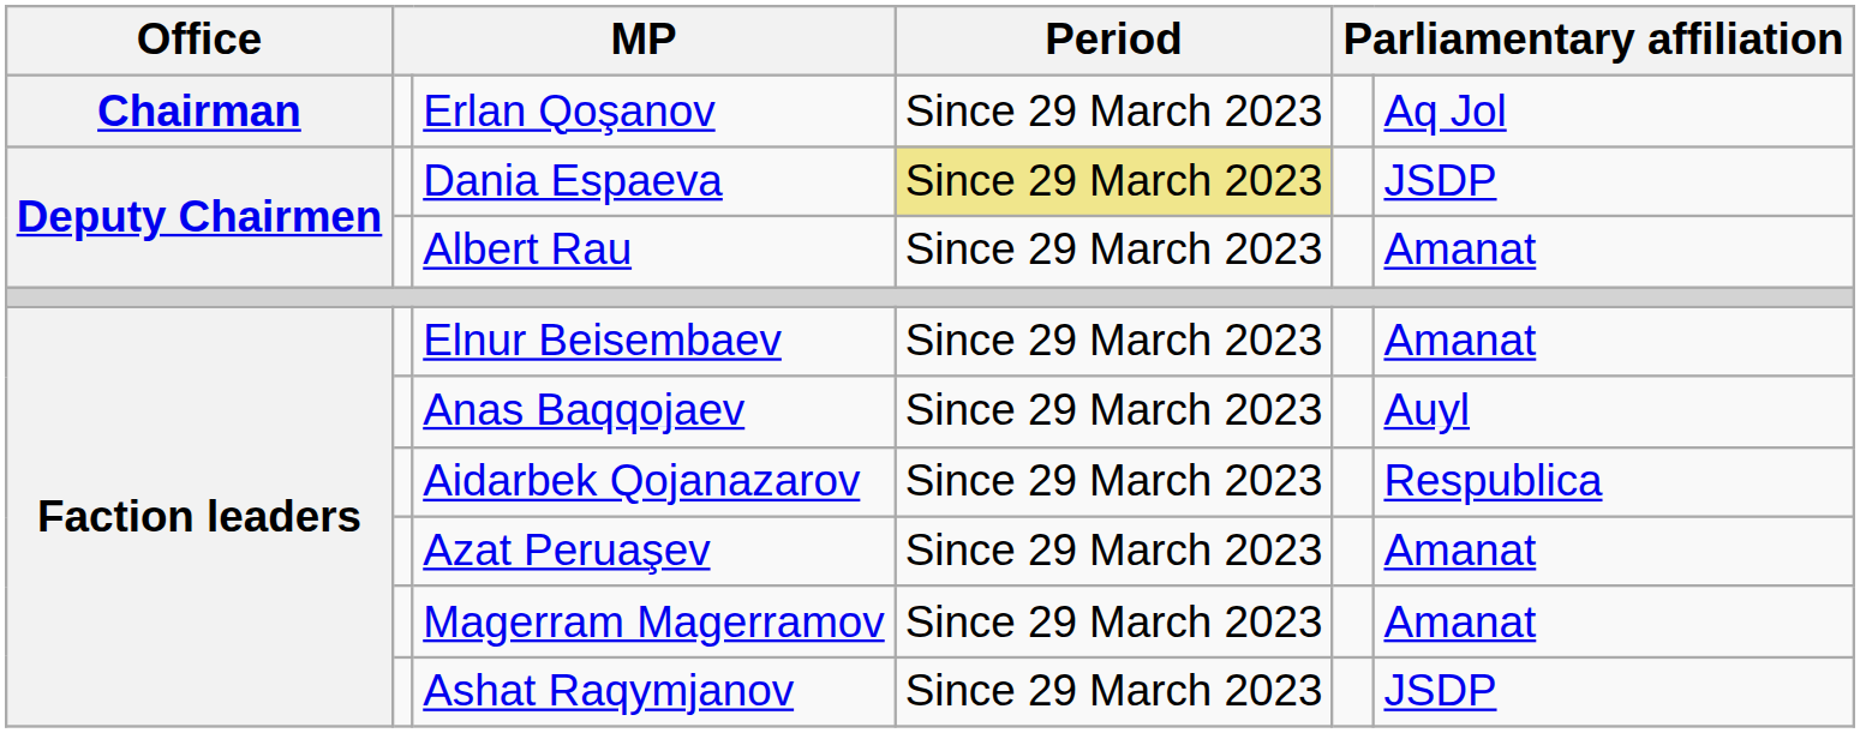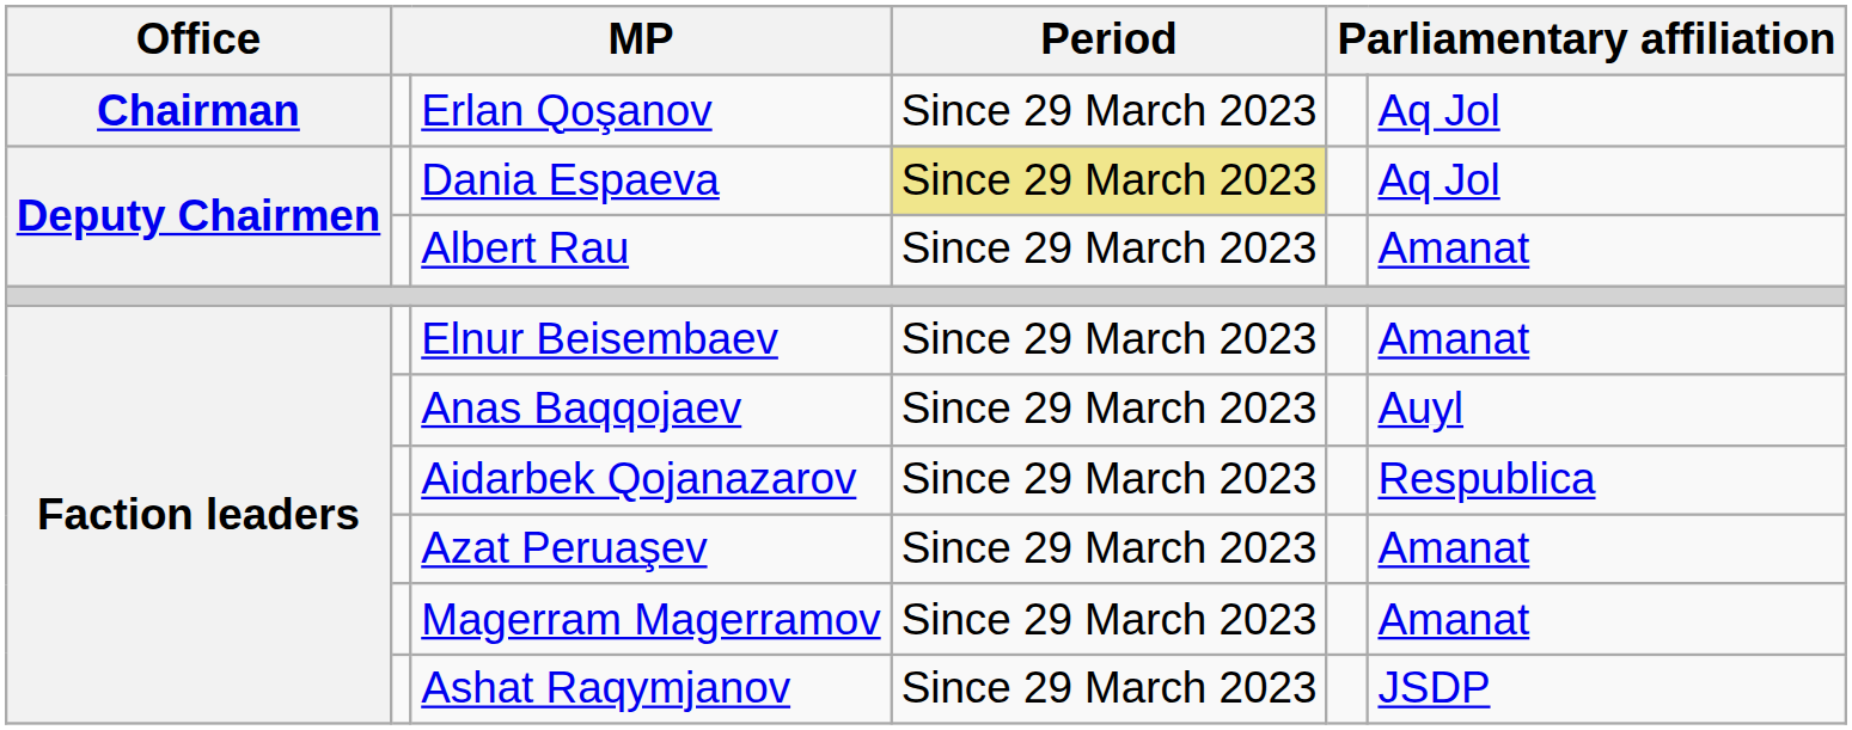 <table class="wikitable">
 <tr>
 <th>Office</th>
 <th colspan="2">MP</th>
 <th>Period</th>
 <th colspan="2">Parliamentary affiliation</th>
 </tr>
 <tr>
 <th><a href='#'>Chairman</a></th>
 <td style="background-color:"></td>
 <td><a href='#'>Erlan Qoşanov</a></td>
 <td>Since 29 March 2023</td>
 <td style="background-color:"></td>
 <td><a href='#'>Aq Jol</a></td>
 </tr>
 <tr>
 <th rowspan="2"><a href='#'>Deputy Chairmen</a></th>
 <td style="background-color:"></td>
 <td><a href='#'>Dania Espaeva</a></td>
 <td style="background: khaki;">Since 29 March 2023</td>
 <td style="background-color:"></td>
-<td><a href='#'>JSDP</a></td>
+<td><a href='#'>Aq Jol</a></td>
 </tr>
 <tr>
 <td style="background-color:"></td>
 <td><a href='#'>Albert Rau</a></td>
 <td>Since 29 March 2023</td>
 <td style="background-color:"></td>
 <td><a href='#'>Amanat</a></td>
 </tr>
 <tr>
 <td colspan="7;" bgcolor="lightgrey"></td>
 </tr>
 <tr>
 <th rowspan="6">Faction leaders</th>
 <td style="background-color:"></td>
 <td><a href='#'>Elnur Beisembaev</a></td>
 <td>Since 29 March 2023</td>
 <td style="background-color:"></td>
 <td><a href='#'>Amanat</a></td>
 </tr>
 <tr>
 <td style="background-color:"></td>
 <td><a href='#'>Anas Baqqojaev</a></td>
 <td>Since 29 March 2023</td>
 <td style="background-color:"></td>
 <td><a href='#'>Auyl</a></td>
 </tr>
 <tr>
 <td style="background-color:"></td>
 <td><a href='#'>Aidarbek Qojanazarov</a></td>
 <td>Since 29 March 2023</td>
 <td style="background-color:"></td>
 <td><a href='#'>Respublica</a></td>
 </tr>
 <tr>
 <td style="background-color:"></td>
 <td><a href='#'>Azat Peruaşev</a></td>
 <td>Since 29 March 2023</td>
 <td style="background-color:"></td>
 <td><a href='#'>Amanat</a></td>
 </tr>
 <tr>
 <td style="background-color:"></td>
 <td><a href='#'>Magerram Magerramov</a></td>
 <td>Since 29 March 2023</td>
 <td style="background-color:"></td>
 <td><a href='#'>Amanat</a></td>
 </tr>
 <tr>
 <td style="background-color:"></td>
 <td><a href='#'>Ashat Raqymjanov</a></td>
 <td>Since 29 March 2023</td>
 <td style="background-color:"></td>
 <td><a href='#'>JSDP</a></td>
 </tr>
 </table>
